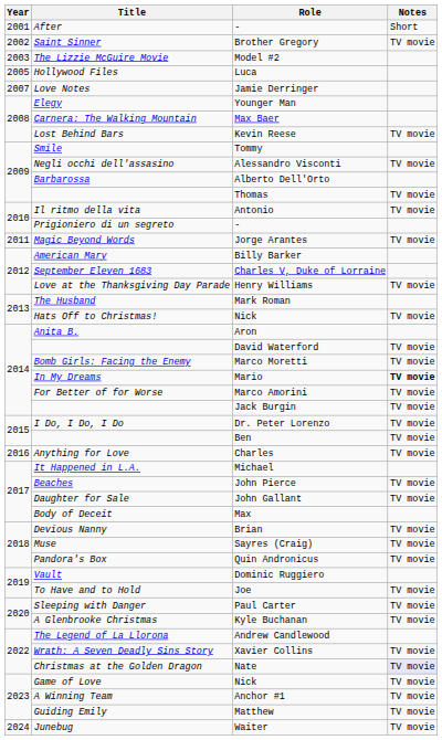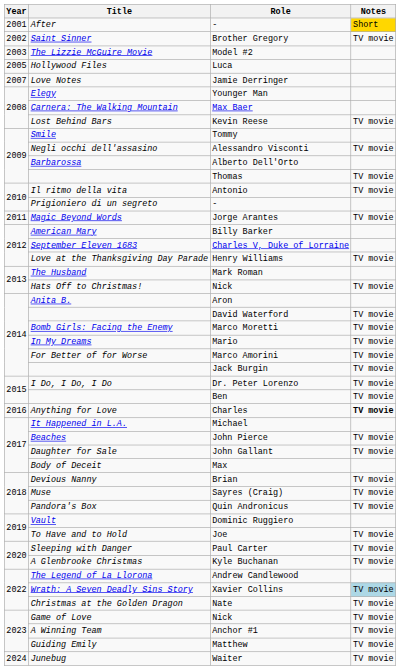 <table class="wikitable sortable">
 <tr>
 <th>Year</th>
 <th>Title</th>
 <th>Role</th>
 <th>Notes</th>
 </tr>
 <tr>
 <td>2001</td>
 <td><em>After</em></td>
 <td>-</td>
-<td>Short</td>
+<td style="background: gold;">Short</td>
 </tr>
 <tr>
 <td>2002</td>
 <td><em><a href='#'>Saint Sinner</a></em></td>
 <td>Brother Gregory</td>
 <td>TV movie</td>
 </tr>
 <tr>
 <td>2003</td>
 <td><em><a href='#'>The Lizzie McGuire Movie</a></em></td>
 <td>Model #2</td>
 <td></td>
 </tr>
 <tr>
 <td>2005</td>
 <td><em>Hollywood Files</em></td>
 <td>Luca</td>
 <td></td>
 </tr>
 <tr>
 <td>2007</td>
 <td><em>Love Notes</em></td>
 <td>Jamie Derringer</td>
 <td></td>
 </tr>
 <tr>
 <td rowspan=3>2008</td>
 <td><em><a href='#'>Elegy</a></em></td>
 <td>Younger Man</td>
 <td></td>
 </tr>
 <tr>
 <td><em><a href='#'>Carnera: The Walking Mountain</a></em></td>
 <td><a href='#'>Max Baer</a></td>
 <td></td>
 </tr>
 <tr>
 <td><em>Lost Behind Bars</em></td>
 <td>Kevin Reese</td>
 <td>TV movie</td>
 </tr>
 <tr>
 <td rowspan=4>2009</td>
 <td><em><a href='#'>Smile</a></em></td>
 <td>Tommy</td>
 <td></td>
 </tr>
 <tr>
 <td><em>Negli occhi dell'assasino</em></td>
 <td>Alessandro Visconti</td>
 <td>TV movie</td>
 </tr>
 <tr>
 <td><em><a href='#'>Barbarossa</a></em></td>
 <td>Alberto Dell'Orto</td>
 <td></td>
 </tr>
 <tr>
 <td><em></em></td>
 <td>Thomas</td>
 <td>TV movie</td>
 </tr>
 <tr>
 <td rowspan=2>2010</td>
 <td><em>Il ritmo della vita</em></td>
 <td>Antonio</td>
 <td>TV movie</td>
 </tr>
 <tr>
 <td><em>Prigioniero di un segreto</em></td>
 <td>-</td>
 <td></td>
 </tr>
 <tr>
 <td>2011</td>
 <td><em><a href='#'>Magic Beyond Words</a></em></td>
 <td>Jorge Arantes</td>
 <td>TV movie</td>
 </tr>
 <tr>
 <td rowspan=3>2012</td>
 <td><em><a href='#'>American Mary</a></em></td>
 <td>Billy Barker</td>
 <td></td>
 </tr>
 <tr>
 <td><em><a href='#'>September Eleven 1683</a></em></td>
 <td><a href='#'>Charles V, Duke of Lorraine</a></td>
 <td></td>
 </tr>
 <tr>
 <td><em>Love at the Thanksgiving Day Parade</em></td>
 <td>Henry Williams</td>
 <td>TV movie</td>
 </tr>
 <tr>
 <td rowspan=2>2013</td>
 <td><em><a href='#'>The Husband</a></em></td>
 <td>Mark Roman</td>
 <td></td>
 </tr>
 <tr>
 <td><em>Hats Off to Christmas!</em></td>
 <td>Nick </td>
 <td>TV movie</td>
 </tr>
 <tr>
 <td rowspan=6>2014</td>
 <td><em><a href='#'>Anita B.</a></em></td>
 <td>Aron</td>
 <td></td>
 </tr>
 <tr>
 <td><em></em></td>
 <td>David Waterford</td>
 <td>TV movie</td>
 </tr>
 <tr>
 <td><em><a href='#'>Bomb Girls: Facing the Enemy</a></em></td>
 <td>Marco Moretti </td>
 <td>TV movie</td>
 </tr>
 <tr>
 <td><em><a href='#'>In My Dreams</a></em></td>
 <td>Mario</td>
-<td><strong>TV movie</strong></td>
+<td>TV movie</td>
 </tr>
 <tr>
 <td><em>For Better of for Worse</em></td>
 <td>Marco Amorini </td>
 <td>TV movie</td>
 </tr>
 <tr>
 <td><em></em></td>
 <td>Jack Burgin</td>
 <td>TV movie</td>
 </tr>
 <tr>
 <td rowspan=2>2015</td>
 <td><em>I Do, I Do, I Do</em></td>
 <td>Dr. Peter Lorenzo</td>
 <td>TV movie</td>
 </tr>
 <tr>
 <td><em></em></td>
 <td>Ben</td>
 <td>TV movie</td>
 </tr>
 <tr>
 <td>2016</td>
 <td><em>Anything for Love</em></td>
 <td>Charles</td>
-<td>TV movie</td>
+<td><strong>TV movie</strong></td>
 </tr>
 <tr>
 <td rowspan=4>2017</td>
 <td><em><a href='#'>It Happened in L.A.</a></em></td>
 <td>Michael</td>
 <td></td>
 </tr>
 <tr>
 <td><em><a href='#'>Beaches</a></em></td>
 <td>John Pierce </td>
 <td>TV movie</td>
 </tr>
 <tr>
 <td><em>Daughter for Sale</em></td>
 <td>John Gallant </td>
 <td>TV movie</td>
 </tr>
 <tr>
 <td><em>Body of Deceit</em></td>
 <td>Max</td>
 <td></td>
 </tr>
 <tr>
 <td rowspan=3>2018</td>
 <td><em>Devious Nanny</em></td>
 <td>Brian</td>
 <td>TV movie</td>
 </tr>
 <tr>
 <td><em>Muse</em></td>
 <td>Sayres (Craig)</td>
 <td>TV movie</td>
 </tr>
 <tr>
 <td><em>Pandora's Box</em></td>
 <td>Quin Andronicus</td>
 <td>TV movie</td>
 </tr>
 <tr>
 <td rowspan=2>2019</td>
 <td><em><a href='#'>Vault</a></em></td>
 <td>Dominic Ruggiero</td>
 <td></td>
 </tr>
 <tr>
 <td><em>To Have and to Hold</em></td>
 <td>Joe</td>
 <td>TV movie</td>
 </tr>
 <tr>
 <td rowspan=2>2020</td>
 <td><em>Sleeping with Danger</em></td>
 <td>Paul Carter</td>
 <td>TV movie</td>
 </tr>
 <tr>
 <td><em>A Glenbrooke Christmas</em></td>
 <td>Kyle Buchanan</td>
 <td>TV movie</td>
 </tr>
 <tr>
 <td rowspan=3>2022</td>
 <td><em><a href='#'>The Legend of La Llorona</a></em></td>
 <td>Andrew Candlewood</td>
 <td></td>
 </tr>
 <tr>
 <td><em><a href='#'>Wrath: A Seven Deadly Sins Story</a></em></td>
 <td>Xavier Collins</td>
-<td>TV movie</td>
+<td style="background: lightblue;">TV movie</td>
 </tr>
 <tr>
 <td><em>Christmas at the Golden Dragon</em></td>
 <td>Nate</td>
-<td style="background: lavender;">TV movie</td>
+<td>TV movie</td>
 </tr>
 <tr>
 <td rowspan=3>2023</td>
 <td><em>Game of Love</em></td>
 <td>Nick</td>
 <td>TV movie</td>
 </tr>
 <tr>
 <td><em>A Winning Team</em></td>
 <td>Anchor #1</td>
 <td>TV movie</td>
 </tr>
 <tr>
 <td><em>Guiding Emily</em></td>
 <td>Matthew</td>
 <td>TV movie</td>
 </tr>
 <tr>
 <td>2024</td>
 <td><em>Junebug</em></td>
 <td>Waiter</td>
 <td>TV movie</td>
 </tr>
 </table>
